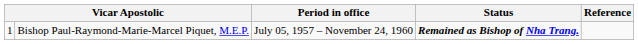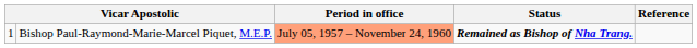 <table class="wikitable">
 <tr>
 <th colspan="2">Vicar Apostolic</th>
 <th>Period in office</th>
 <th>Status</th>
 <th>Reference</th>
 </tr>
 <tr>
 <td>1</td>
 <td>Bishop Paul-Raymond-Marie-Marcel Piquet, <a href='#'>M.E.P.</a></td>
-<td>July 05, 1957 – November 24, 1960</td>
+<td style="background: lightsalmon;">July 05, 1957 – November 24, 1960</td>
 <td><strong><em>Remained as Bishop of <a href='#'>Nha Trang.</a></em></strong></td>
 <td></td>
 </tr>
 </table>
